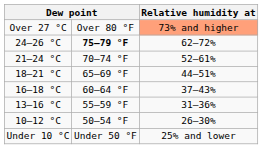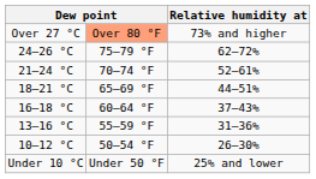 <table class="wikitable" style="text-align:center;">
 <tr>
 <th colspan="2">Dew point</th>
 <th>Relative humidity at </th>
 </tr>
 <tr>
 <td>Over 27 °C</td>
-<td>Over 80 °F</td>
-<td style="background: lightsalmon;">73% and higher</td>
+<td style="background: lightsalmon;">Over 80 °F</td>
+<td>73% and higher</td>
 </tr>
 <tr>
 <td>24–26 °C</td>
-<td><strong>75–79 °F</strong></td>
+<td>75–79 °F</td>
 <td>62–72%</td>
 </tr>
 <tr>
 <td>21–24 °C</td>
 <td>70–74 °F</td>
 <td>52–61%</td>
 </tr>
 <tr>
 <td>18–21 °C</td>
 <td>65–69 °F</td>
 <td>44–51%</td>
 </tr>
 <tr>
 <td>16–18 °C</td>
 <td>60–64 °F</td>
 <td>37–43%</td>
 </tr>
 <tr>
 <td>13–16 °C</td>
 <td>55–59 °F</td>
 <td>31–36%</td>
 </tr>
 <tr>
 <td>10–12 °C</td>
 <td>50–54 °F</td>
 <td>26–30%</td>
 </tr>
 <tr>
 <td>Under 10 °C</td>
 <td>Under 50 °F</td>
 <td>25% and lower</td>
 </tr>
 </table>
